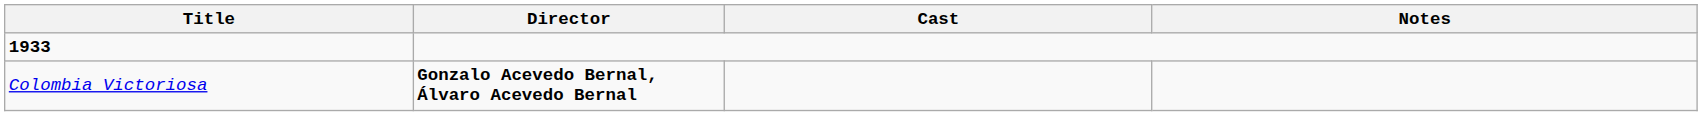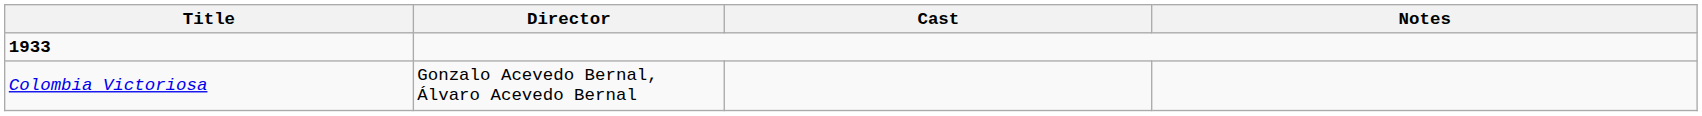 <table class="wikitable" width= "100%">
 <tr>
 <th width=21%>Title</th>
 <th width=16%>Director</th>
 <th width=22%>Cast</th>
 <th width=28%>Notes</th>
 </tr>
 <tr>
 <td><strong>1933</strong></td>
 </tr>
 <tr>
 <td><em><a href='#'>Colombia Victoriosa</a></em></td>
-<td><strong>Gonzalo Acevedo Bernal, Álvaro Acevedo Bernal</strong></td>
+<td>Gonzalo Acevedo Bernal, Álvaro Acevedo Bernal</td>
 <td></td>
 <td></td>
 </tr>
 </table>
